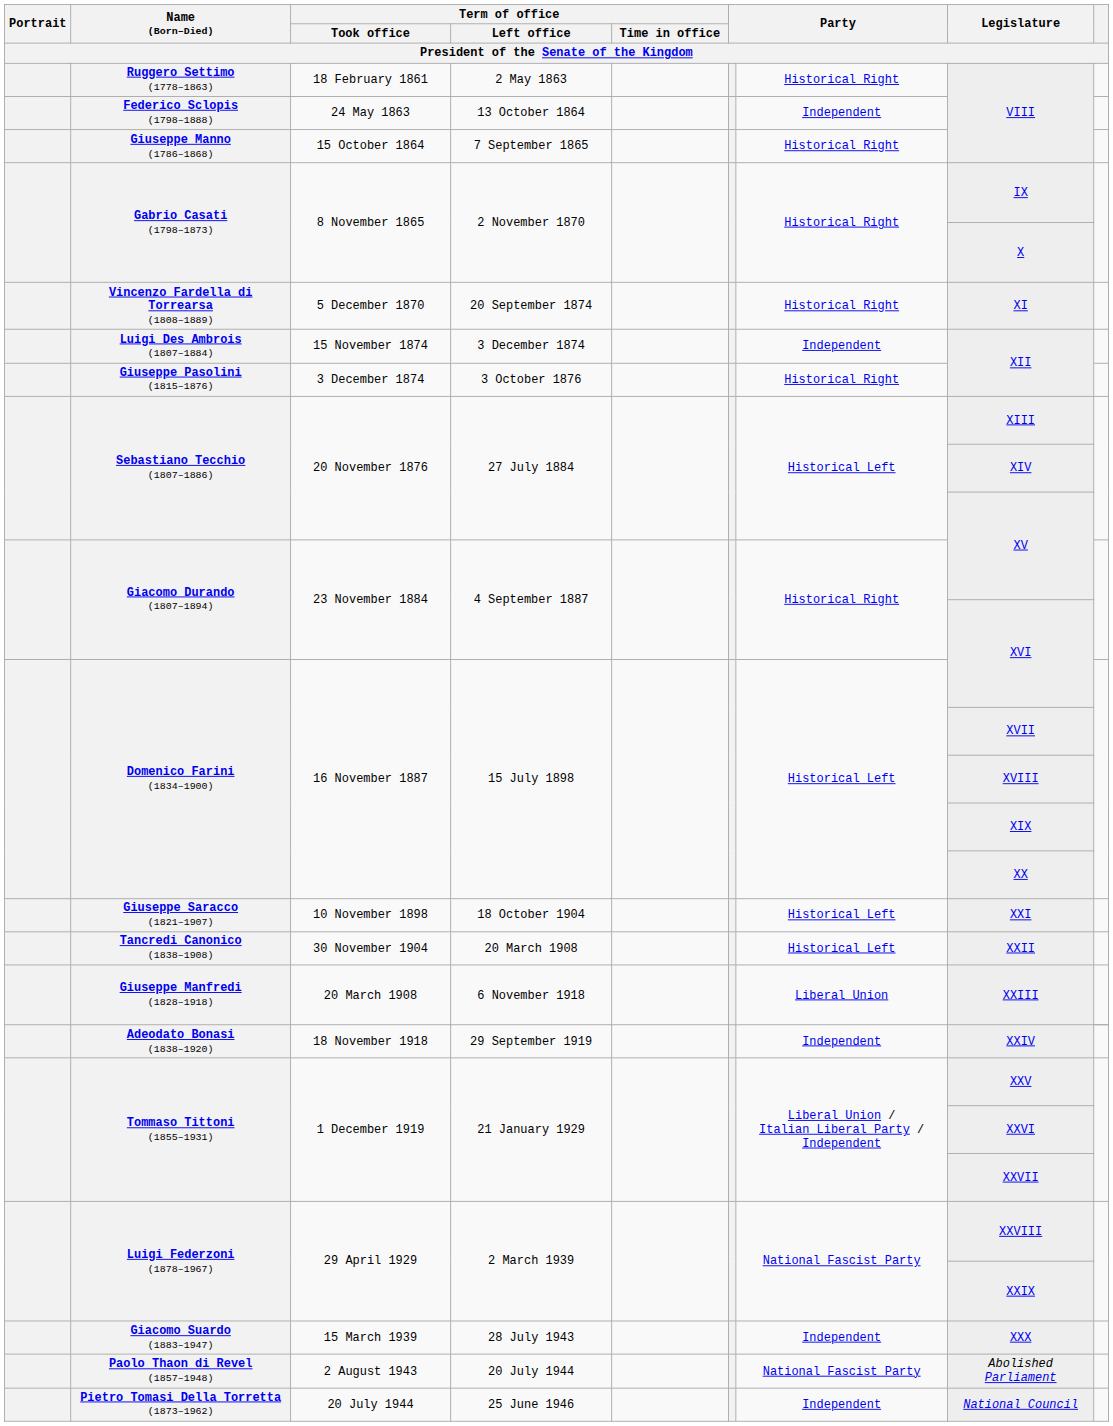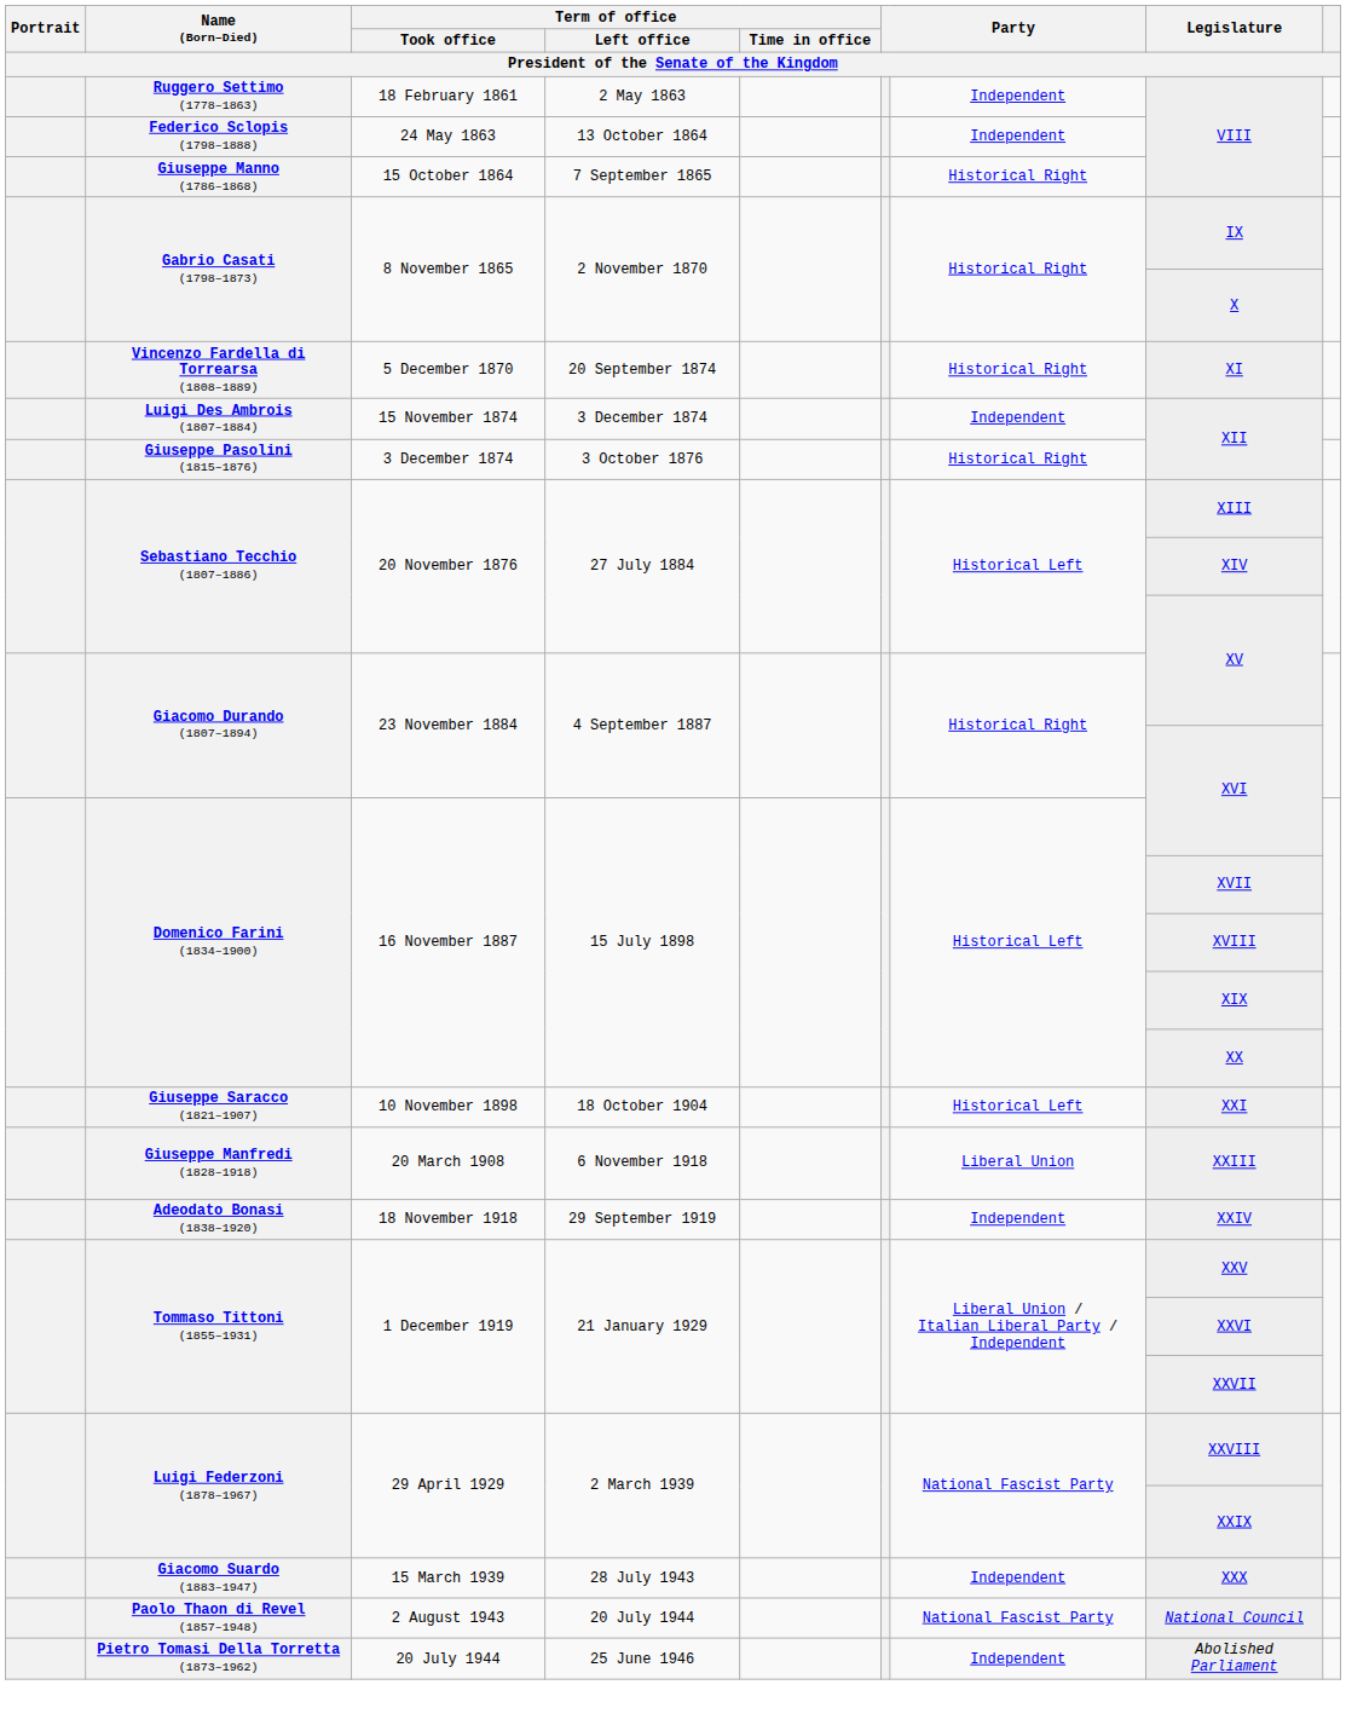 <table class="wikitable" style="text-align:center; style="width=95%">
 <tr>
 <th width=1% rowspan=2>Portrait</th>
 <th width=15% rowspan=2>Name<br><small>(Born–Died)</small></th>
 <th width=30% colspan=3>Term of office</th>
 <th width=15% rowspan=2 colspan=2>Party</th>
 <th width=10% rowspan=2>Legislature</th>
 <th width=1% rowspan=2></th>
 </tr>
 <tr style="text-align:center;">
 <th width=11%>Took office</th>
 <th width=11%>Left office</th>
 <th width=8%>Time in office</th>
 </tr>
 <tr>
 <th colspan=9>President of the <a href='#'>Senate of the Kingdom</a></th>
 </tr>
 <tr>
 <th></th>
 <th scope="row" style="font-weight:normal"><strong><a href='#'>Ruggero Settimo</a></strong><br><small>(1778–1863)</small></th>
 <td>18 February 1861</td>
 <td>2 May 1863</td>
 <td></td>
 <th style="background:"></th>
-<td><a href='#'>Historical Right</a></td>
+<td><a href='#'>Independent</a></td>
 <td rowspan=3 bgcolor=#EEEEEE><a href='#'>VIII<br></a></td>
 <td></td>
 </tr>
 <tr>
 <th></th>
 <th scope="row" style="font-weight:normal"><strong><a href='#'>Federico Sclopis</a></strong><br><small>(1798–1888)</small></th>
 <td>24 May 1863</td>
 <td>13 October 1864</td>
 <td></td>
 <th style="background:"></th>
 <td><a href='#'>Independent</a></td>
 <td></td>
 </tr>
 <tr>
 <th></th>
 <th scope="row" style="font-weight:normal"><strong><a href='#'>Giuseppe Manno</a></strong><br><small>(1786–1868)</small></th>
 <td>15 October 1864</td>
 <td>7 September 1865</td>
 <td></td>
 <th style="background:"></th>
 <td><a href='#'>Historical Right</a></td>
 <td></td>
 </tr>
 <tr style="height:5em;">
 <th rowspan=2></th>
 <th scope="row" style="font-weight:normal" rowspan=2><strong><a href='#'>Gabrio Casati</a></strong><br><small>(1798–1873)</small></th>
 <td rowspan=2>8 November 1865</td>
 <td rowspan=2>2 November 1870</td>
 <td rowspan=2></td>
 <th rowspan=2 style="background:"></th>
 <td rowspan=2><a href='#'>Historical Right</a></td>
 <td bgcolor=#EEEEEE><a href='#'>IX<br></a></td>
 <td rowspan=2></td>
 </tr>
 <tr style="height:5em;">
 <td bgcolor=#EEEEEE><a href='#'>X<br></a></td>
 </tr>
 <tr>
 <th></th>
 <th scope="row" style="font-weight:normal"><strong><a href='#'>Vincenzo Fardella di Torrearsa</a></strong><br><small>(1808–1889)</small></th>
 <td>5 December 1870</td>
 <td>20 September 1874</td>
 <td></td>
 <th style="background:"></th>
 <td><a href='#'>Historical Right</a></td>
 <td bgcolor=#EEEEEE><a href='#'>XI<br></a></td>
 <td></td>
 </tr>
 <tr>
 <th></th>
 <th scope="row" style="font-weight:normal"><strong><a href='#'>Luigi Des Ambrois</a></strong><br><small>(1807–1884)</small></th>
 <td>15 November 1874</td>
 <td>3 December 1874</td>
 <td></td>
 <th style="background:"></th>
 <td><a href='#'>Independent</a></td>
 <td rowspan=2 bgcolor=#EEEEEE><a href='#'>XII<br></a></td>
 <td></td>
 </tr>
 <tr>
 <th></th>
 <th scope="row" style="font-weight:normal"><strong><a href='#'>Giuseppe Pasolini</a></strong><br><small>(1815–1876)</small></th>
 <td>3 December 1874</td>
 <td>3 October 1876</td>
 <td></td>
 <th style="background:"></th>
 <td><a href='#'>Historical Right</a></td>
 <td></td>
 </tr>
 <tr style="height:4em;">
 <th rowspan=3></th>
 <th scope="row" style="font-weight:normal" rowspan=3><strong><a href='#'>Sebastiano Tecchio</a></strong><br><small>(1807–1886)</small></th>
 <td rowspan=3>20 November 1876</td>
 <td rowspan=3>27 July 1884</td>
 <td rowspan=3></td>
 <th rowspan=3 style="background:"></th>
 <td rowspan=3><a href='#'>Historical Left</a></td>
 <td bgcolor=#EEEEEE><a href='#'>XIII<br></a></td>
 <td rowspan=3></td>
 </tr>
 <tr style="height:4em;">
 <td bgcolor=#EEEEEE><a href='#'>XIV<br></a></td>
 </tr>
 <tr style="height:4em;">
 <td rowspan=2 bgcolor=#EEEEEE><a href='#'>XV<br></a></td>
 </tr>
 <tr style="height:5em;">
 <th rowspan=2></th>
 <th scope="row" style="font-weight:normal" rowspan=2><strong><a href='#'>Giacomo Durando</a></strong><br><small>(1807–1894)</small></th>
 <td rowspan=2>23 November 1884</td>
 <td rowspan=2>4 September 1887</td>
 <td rowspan=2></td>
 <th rowspan=2 style="background:"></th>
 <td rowspan=2><a href='#'>Historical Right</a></td>
 <td rowspan=2></td>
 </tr>
 <tr style="height:5em;">
 <td rowspan=2 bgcolor=#EEEEEE><a href='#'>XVI<br></a></td>
 </tr>
 <tr style="height:4em;">
 <th rowspan=5></th>
 <th scope="row" style="font-weight:normal" rowspan=5><strong><a href='#'>Domenico Farini</a></strong><br><small>(1834–1900)</small></th>
 <td rowspan=5>16 November 1887</td>
 <td rowspan=5>15 July 1898</td>
 <td rowspan=5></td>
 <th rowspan=5 style="background:"></th>
 <td rowspan=5><a href='#'>Historical Left</a></td>
 <td rowspan=5></td>
 </tr>
 <tr style="height:4em;">
 <td bgcolor=#EEEEEE><a href='#'>XVII<br></a></td>
 </tr>
 <tr style="height:4em;">
 <td bgcolor=#EEEEEE><a href='#'>XVIII<br></a></td>
 </tr>
 <tr style="height:4em;">
 <td bgcolor=#EEEEEE><a href='#'>XIX<br></a></td>
 </tr>
 <tr style="height:4em;">
 <td bgcolor=#EEEEEE><a href='#'>XX<br></a></td>
 </tr>
 <tr>
 <th></th>
 <th scope="row" style="font-weight:normal"><strong><a href='#'>Giuseppe Saracco</a></strong><br><small>(1821–1907)</small></th>
 <td>10 November 1898</td>
 <td>18 October 1904</td>
 <td></td>
 <th style="background:"></th>
 <td><a href='#'>Historical Left</a></td>
 <td bgcolor=#EEEEEE><a href='#'>XXI<br></a></td>
 <td></td>
 </tr>
-<tr>
-<th></th>
-<th scope="row" style="font-weight:normal"><strong><a href='#'>Tancredi Canonico</a></strong><br><small>(1838–1908)</small></th>
-<td>30 November 1904</td>
-<td>20 March 1908</td>
-<td></td>
-<th style="background:"></th>
-<td><a href='#'>Historical Left</a></td>
-<td bgcolor=#EEEEEE><a href='#'>XXII<br></a></td>
-<td></td>
-</tr>
 <tr style="height:5em;">
 <th rowspan=2></th>
 <th scope="row" style="font-weight:normal" rowspan=2><strong><a href='#'>Giuseppe Manfredi</a></strong><br><small>(1828–1918)</small></th>
 <td rowspan=2>20 March 1908</td>
 <td rowspan=2>6 November 1918</td>
 <td rowspan=2></td>
 <th rowspan=2 style="background:"></th>
 <td rowspan=2><a href='#'>Liberal Union</a></td>
 <td bgcolor=#EEEEEE><a href='#'>XXIII<br></a></td>
 <td></td>
 </tr>
 <tr>
 <td rowspan=2 bgcolor=#EEEEEE><a href='#'>XXIV<br></a></td>
 </tr>
 <tr>
 <th></th>
 <th scope="row" style="font-weight:normal"><strong><a href='#'>Adeodato Bonasi</a></strong><br><small>(1838–1920)</small></th>
 <td>18 November 1918</td>
 <td>29 September 1919</td>
 <td></td>
 <th style="background:"></th>
 <td><a href='#'>Independent</a></td>
 <td></td>
 </tr>
 <tr style="height:4em;">
 <th rowspan=3></th>
 <th scope="row" style="font-weight:normal" rowspan=3><strong><a href='#'>Tommaso Tittoni</a></strong><br><small>(1855–1931)</small></th>
 <td rowspan=3>1 December 1919</td>
 <td rowspan=3>21 January 1929</td>
 <td rowspan=3></td>
 <th rowspan=3 style="background:"></th>
 <td rowspan=3><a href='#'>Liberal Union</a> /<br><a href='#'>Italian Liberal Party</a> /<br><a href='#'>Independent</a></td>
 <td bgcolor=#EEEEEE><a href='#'>XXV<br></a></td>
 <td rowspan=3></td>
 </tr>
 <tr style="height:4em;">
 <td bgcolor=#EEEEEE><a href='#'>XXVI<br></a></td>
 </tr>
 <tr style="height:4em;">
 <td bgcolor=#EEEEEE><a href='#'>XXVII<br></a></td>
 </tr>
 <tr style="height:5em;">
 <th rowspan=2></th>
 <th scope="row" style="font-weight:normal" rowspan=2><strong><a href='#'>Luigi Federzoni</a></strong><br><small>(1878–1967)</small></th>
 <td rowspan=2>29 April 1929</td>
 <td rowspan=2>2 March 1939</td>
 <td rowspan=2></td>
 <th rowspan=2 style="background:"></th>
 <td rowspan=2><a href='#'>National Fascist Party</a></td>
 <td bgcolor=#EEEEEE><a href='#'>XXVIII<br></a></td>
 <td rowspan=2></td>
 </tr>
 <tr style="height:5em;">
 <td bgcolor=#EEEEEE><a href='#'>XXIX<br></a></td>
 </tr>
 <tr>
 <th></th>
 <th scope="row" style="font-weight:normal"><strong><a href='#'>Giacomo Suardo</a></strong><br><small>(1883–1947)</small></th>
 <td>15 March 1939</td>
 <td>28 July 1943</td>
 <td></td>
 <th style="background:"></th>
 <td><a href='#'>Independent</a></td>
 <td bgcolor=#EEEEEE><a href='#'>XXX</a><br></td>
 <td></td>
 </tr>
 <tr>
 <th></th>
 <th scope="row" style="font-weight:normal"><strong><a href='#'>Paolo Thaon di Revel</a></strong><br><small>(1857–1948)</small></th>
 <td>2 August 1943</td>
 <td>20 July 1944</td>
 <td></td>
 <th style="background:"></th>
 <td><a href='#'>National Fascist Party</a></td>
-<td bgcolor=#EEEEEE><em>Abolished <a href='#'>Parliament</a></em></td>
+<td bgcolor=#EEEEEE><em><a href='#'>National Council</a></em></td>
 <td></td>
 </tr>
 <tr>
 <th></th>
 <th scope="row" style="font-weight:normal"><strong><a href='#'>Pietro Tomasi Della Torretta</a></strong><br><small>(1873–1962)</small></th>
 <td>20 July 1944</td>
 <td>25 June 1946</td>
 <td></td>
 <th style="background:"></th>
 <td><a href='#'>Independent</a></td>
-<td bgcolor=#EEEEEE><em><a href='#'>National Council</a></em></td>
+<td bgcolor=#EEEEEE><em>Abolished <a href='#'>Parliament</a></em></td>
 <td></td>
 </tr>
 </table>
